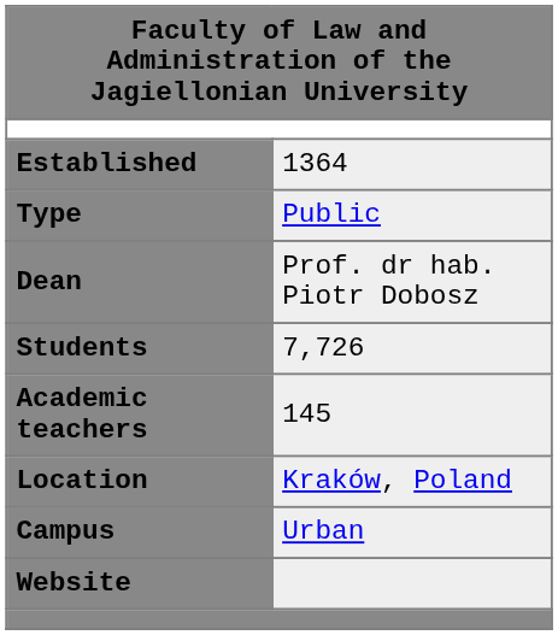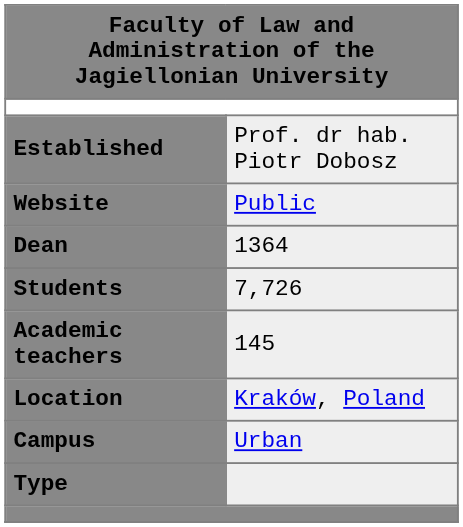 <table class="toccolours" border="1" cellpadding="4" style="float: right; margin: 0 0 1em 1em; width: 20em; border-collapse: collapse; font-size: 95%; clear: right">
 <tr>
 <th colspan="2" align=center bgcolor="#888888"><span><strong>Faculty of Law and Administration of the Jagiellonian University</strong></span></th>
 </tr>
 <tr>
 <td colspan="2" align=center></td>
 </tr>
 <tr>
 <td bgcolor="#888888"><span> <strong>Established</strong></span></td>
-<td bgcolor="#efefef">1364</td>
+<td bgcolor="#efefef">Prof. dr hab. Piotr Dobosz</td>
 </tr>
 <tr>
-<td bgcolor="#888888"><span> <strong>Type</strong></span></td>
+<td bgcolor="#888888"><span> <strong>Website</strong></span></td>
 <td bgcolor="#efefef"><a href='#'>Public</a></td>
 </tr>
 <tr>
 <td bgcolor="#888888"><span> <strong>Dean</strong></span></td>
-<td bgcolor="#efefef">Prof. dr hab. Piotr Dobosz</td>
+<td bgcolor="#efefef">1364</td>
 </tr>
 <tr>
 <td bgcolor="#888888"><span> <strong>Students</strong></span></td>
 <td bgcolor="#efefef">7,726</td>
 </tr>
 <tr>
 <td bgcolor="#888888"><span> <strong>Academic teachers</strong></span></td>
 <td bgcolor="#efefef">145</td>
 </tr>
 <tr>
 <td bgcolor="#888888"><span> <strong>Location</strong></span></td>
 <td bgcolor="#efefef"><a href='#'>Kraków</a>, <a href='#'>Poland</a></td>
 </tr>
 <tr>
 <td bgcolor="#888888"><span> <strong>Campus</strong></span></td>
 <td bgcolor="#efefef"><a href='#'>Urban</a></td>
 </tr>
 <tr>
-<td bgcolor="#888888"><span> <strong>Website</strong></span></td>
+<td bgcolor="#888888"><span> <strong>Type</strong></span></td>
 <td bgcolor="#efefef"></td>
 </tr>
 <tr>
 <th colspan="2" align=center bgcolor="#888888"><span></span></th>
 </tr>
 <tr>
 </tr>
 </table>
